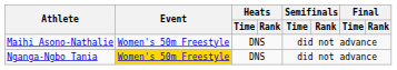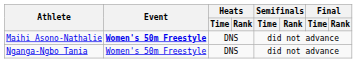 <table class=wikitable style="font-size:90%">
 <tr>
 <th rowspan="2">Athlete</th>
 <th rowspan="2">Event</th>
 <th colspan="2">Heats</th>
 <th colspan="2">Semifinals</th>
 <th colspan="2">Final</th>
 </tr>
 <tr>
 <th>Time</th>
 <th>Rank</th>
 <th>Time</th>
 <th>Rank</th>
 <th>Time</th>
 <th>Rank</th>
 </tr>
 <tr>
 <td rowspan="1"><a href='#'>Maihi Asono-Nathalie</a></td>
-<td><a href='#'>Women's 50m Freestyle</a></td>
+<td><strong><a href='#'>Women's 50m Freestyle</a></strong></td>
 <td align=center colspan=2>DNS</td>
 <td align=center colspan=4>did not advance</td>
 </tr>
 <tr>
 <td rowspan="1"><a href='#'>Nganga-Ngbo Tania</a></td>
-<td style="background: gold;"><a href='#'>Women's 50m Freestyle</a></td>
+<td><a href='#'>Women's 50m Freestyle</a></td>
 <td align=center colspan=2>DNS</td>
 <td align=center colspan=4>did not advance</td>
 </tr>
 </table>
